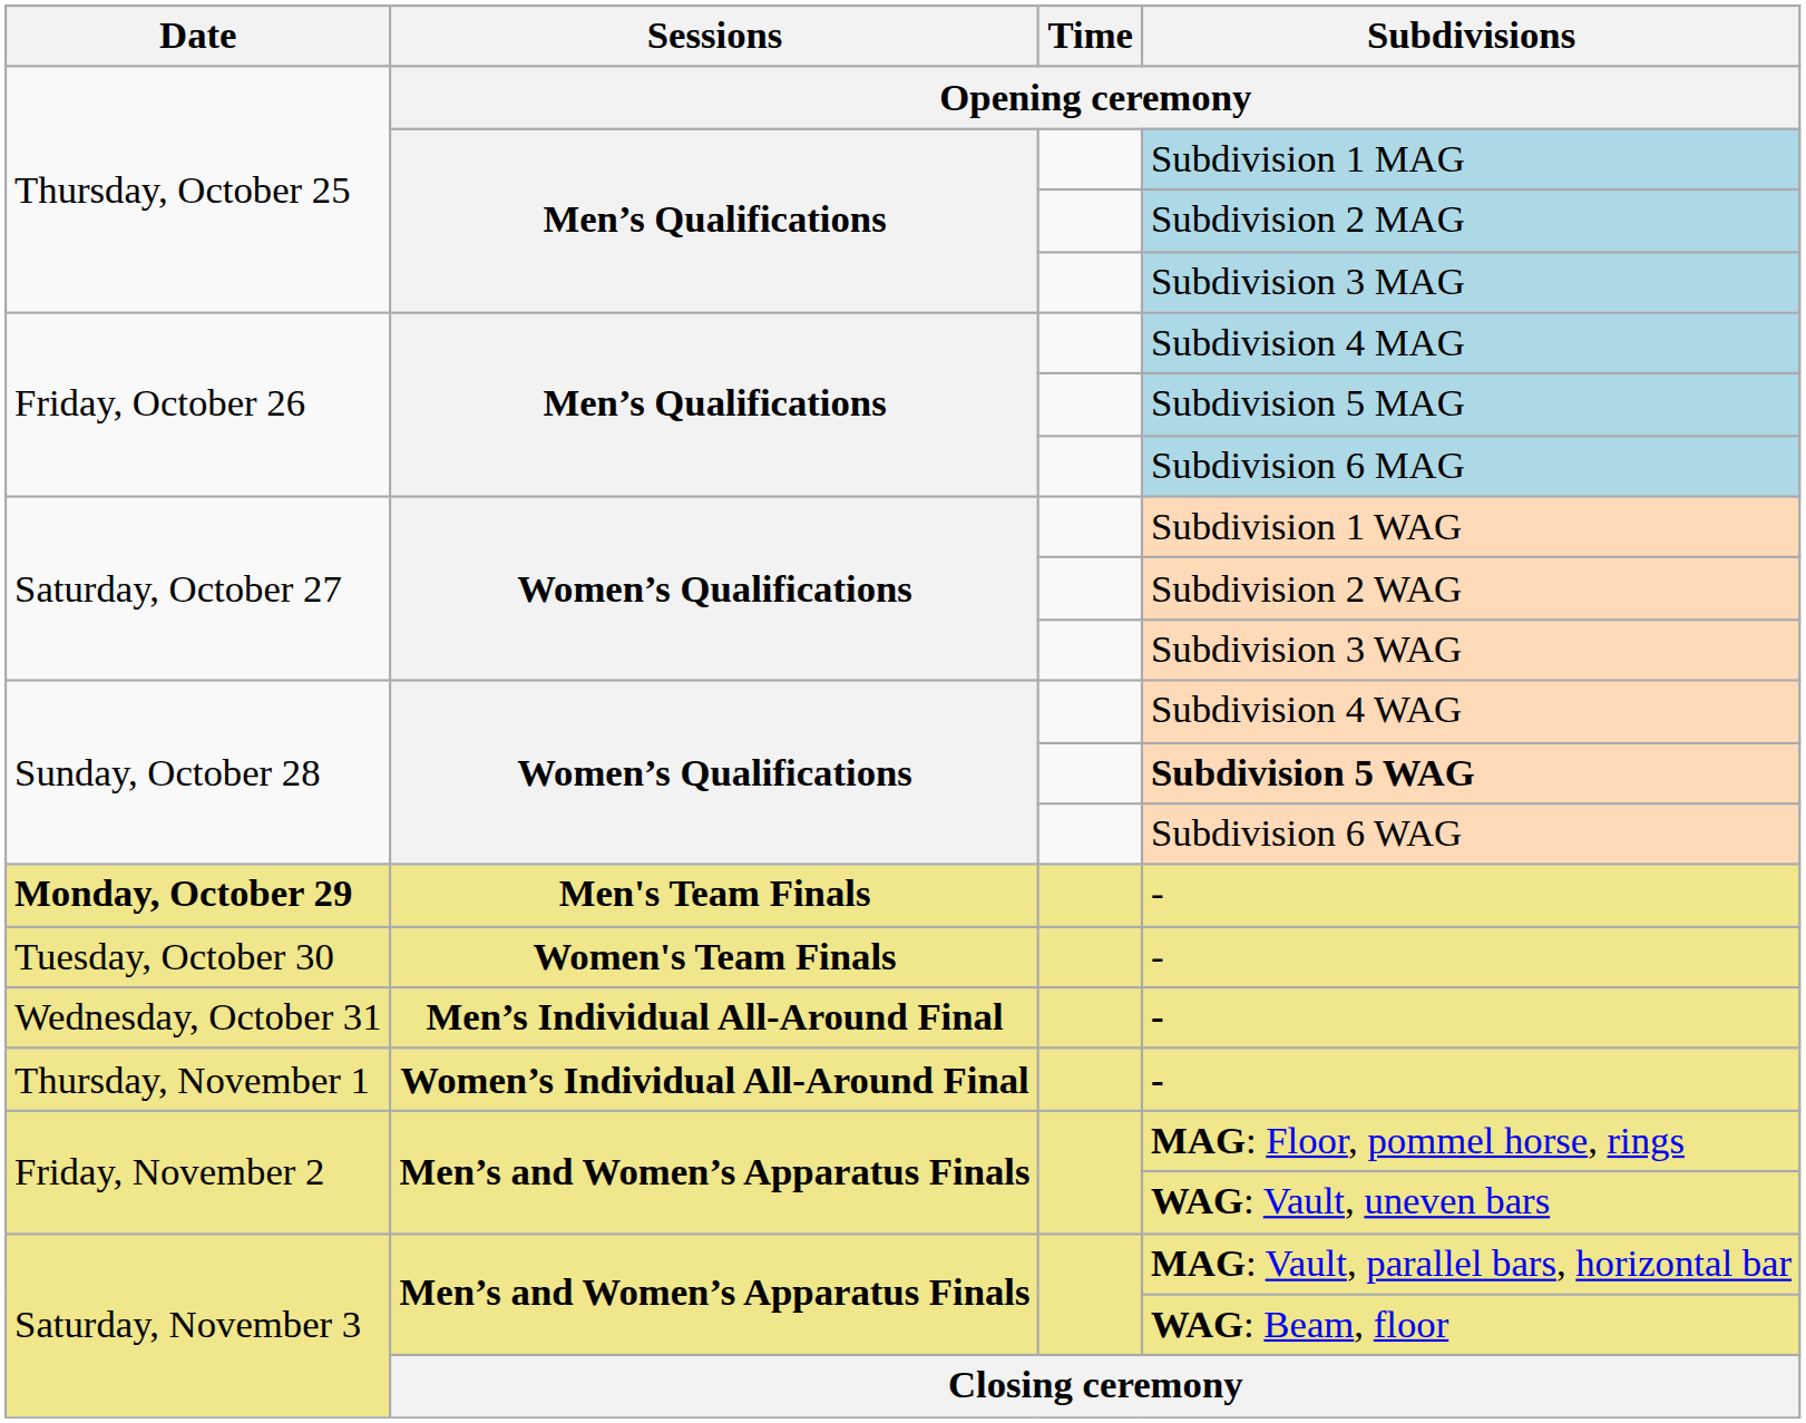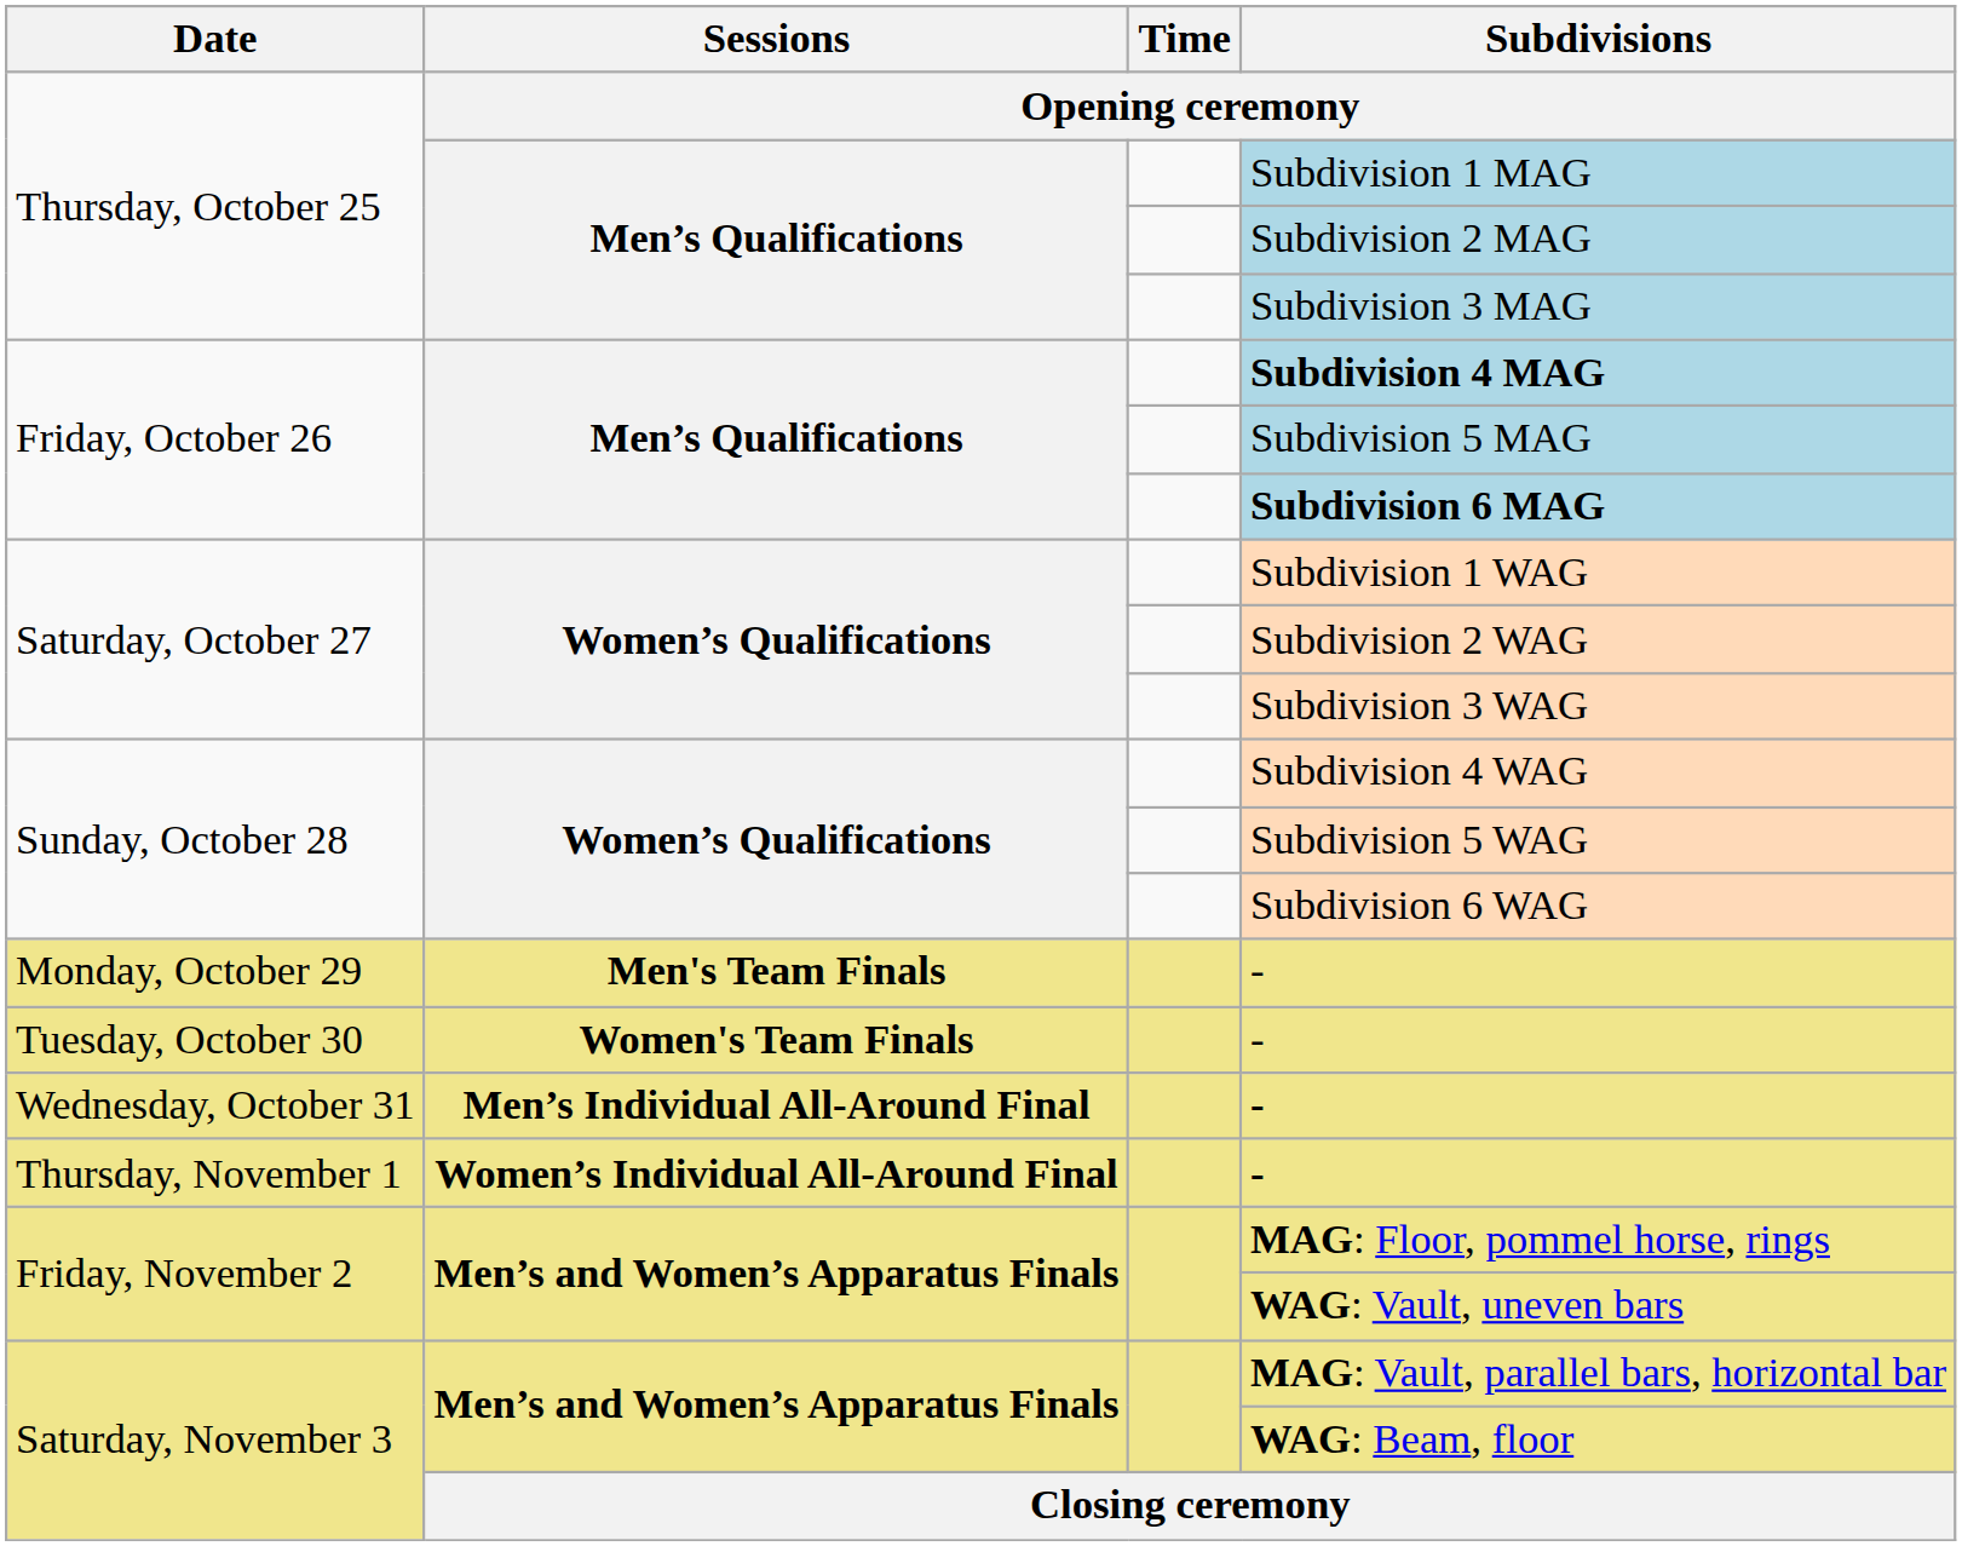 <table class="wikitable">
 <tr>
 <th>Date</th>
 <th>Sessions</th>
 <th>Time</th>
 <th>Subdivisions</th>
 </tr>
 <tr>
 <td rowspan="4">Thursday, October 25</td>
 <th colspan="3">Opening ceremony</th>
 </tr>
 <tr>
 <th rowspan="3">Men’s Qualifications</th>
 <td></td>
 <td bgcolor="#add8e6">Subdivision 1 MAG</td>
 </tr>
 <tr>
 <td></td>
 <td bgcolor="#add8e6">Subdivision 2 MAG</td>
 </tr>
 <tr>
 <td></td>
 <td bgcolor="#add8e6">Subdivision 3 MAG</td>
 </tr>
 <tr>
 <td rowspan="3">Friday, October 26</td>
 <th rowspan="3">Men’s Qualifications</th>
 <td></td>
-<td bgcolor="#add8e6">Subdivision 4 MAG</td>
+<td bgcolor="#add8e6"><strong>Subdivision 4 MAG</strong></td>
 </tr>
 <tr>
 <td></td>
 <td bgcolor="#add8e6">Subdivision 5 MAG</td>
 </tr>
 <tr>
 <td></td>
-<td bgcolor="#add8e6">Subdivision 6 MAG</td>
+<td bgcolor="#add8e6"><strong>Subdivision 6 MAG</strong></td>
 </tr>
 <tr>
 <td rowspan="3">Saturday, October 27</td>
 <th rowspan="3">Women’s Qualifications</th>
 <td></td>
 <td bgcolor="#ffdab9">Subdivision 1 WAG</td>
 </tr>
 <tr>
 <td></td>
 <td bgcolor="#ffdab9">Subdivision 2 WAG</td>
 </tr>
 <tr>
 <td></td>
 <td bgcolor="#ffdab9">Subdivision 3 WAG</td>
 </tr>
 <tr>
 <td rowspan="3">Sunday, October 28</td>
 <th rowspan="3">Women’s Qualifications</th>
 <td></td>
 <td bgcolor="#ffdab9">Subdivision 4 WAG</td>
 </tr>
 <tr>
 <td></td>
-<td bgcolor="#ffdab9"><strong>Subdivision 5 WAG</strong></td>
+<td bgcolor="#ffdab9">Subdivision 5 WAG</td>
 </tr>
 <tr>
 <td></td>
 <td bgcolor="#ffdab9">Subdivision 6 WAG</td>
 </tr>
 <tr bgcolor="#f0e68c">
-<td><strong>Monday, October 29</strong></td>
+<td>Monday, October 29</td>
 <td align="center"><strong>Men's Team Finals</strong></td>
 <td align="center"></td>
 <td>-</td>
 </tr>
 <tr bgcolor="#f0e68c">
 <td>Tuesday, October 30</td>
 <td align="center"><strong>Women's Team Finals</strong></td>
 <td align="center"></td>
 <td>-</td>
 </tr>
 <tr bgcolor="#f0e68c">
 <td>Wednesday, October 31</td>
 <td align="center"><strong>Men’s Individual All-Around Final</strong></td>
 <td align="center"></td>
 <td><strong>-</strong></td>
 </tr>
 <tr bgcolor="#f0e68c">
 <td>Thursday, November 1</td>
 <td align="center"><strong>Women’s Individual All-Around Final</strong></td>
 <td align="center"></td>
 <td><strong>-</strong></td>
 </tr>
 <tr bgcolor="#f0e68c">
 <td rowspan="2">Friday, November 2</td>
 <td rowspan="2" align="center"><strong>Men’s and Women’s Apparatus Finals</strong></td>
 <td rowspan="2" align="center"></td>
 <td><strong>MAG</strong>: <a href='#'>Floor</a>, <a href='#'>pommel horse</a>, <a href='#'>rings</a></td>
 </tr>
 <tr bgcolor="#f0e68c">
 <td><strong>WAG</strong>: <a href='#'>Vault</a>, <a href='#'>uneven bars</a></td>
 </tr>
 <tr bgcolor="#f0e68c">
 <td rowspan="3">Saturday, November 3</td>
 <td rowspan="2" align="center"><strong>Men’s and Women’s Apparatus Finals</strong></td>
 <td rowspan="2" align="center"></td>
 <td><strong>MAG</strong>: <a href='#'>Vault</a>, <a href='#'>parallel bars</a>, <a href='#'>horizontal bar</a></td>
 </tr>
 <tr bgcolor="#f0e68c">
 <td><strong>WAG</strong>: <a href='#'>Beam</a>, <a href='#'>floor</a></td>
 </tr>
 <tr>
 <th colspan="3">Closing ceremony</th>
 </tr>
 </table>
